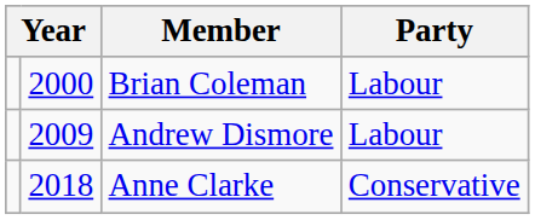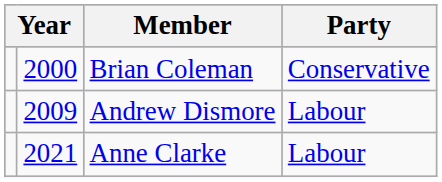 <table class="wikitable">
 <tr>
 <th colspan="2">Year</th>
 <th>Member</th>
 <th>Party</th>
 </tr>
 <tr>
 <td style="background-color: "></td>
 <td><a href='#'>2000</a></td>
 <td><a href='#'>Brian Coleman</a></td>
-<td><a href='#'>Labour</a></td>
+<td><a href='#'>Conservative</a></td>
 </tr>
 <tr>
 <td style="background-color: "></td>
 <td><a href='#'>2009</a></td>
 <td><a href='#'>Andrew Dismore</a></td>
 <td><a href='#'>Labour</a></td>
 </tr>
 <tr>
 <td style="background-color: "></td>
-<td><a href='#'>2018</a></td>
+<td><a href='#'>2021</a></td>
 <td><a href='#'>Anne Clarke</a></td>
-<td><a href='#'>Conservative</a></td>
+<td><a href='#'>Labour</a></td>
 </tr>
 </table>
